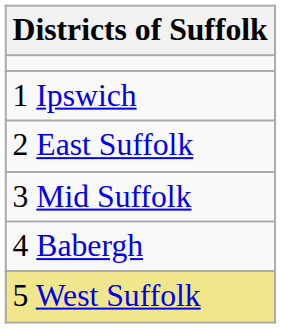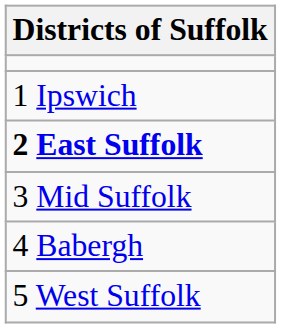 <table class="wikitable" border="1" align="right">
 <tr>
 <th>Districts of Suffolk</th>
 </tr>
 <tr>
 <td></td>
 </tr>
 <tr>
 <td>1 <a href='#'>Ipswich</a></td>
 </tr>
 <tr>
-<td>2 <a href='#'>East Suffolk</a></td>
+<td><strong>2 <a href='#'>East Suffolk</a></strong></td>
 </tr>
 <tr>
 <td>3 <a href='#'>Mid Suffolk</a></td>
 </tr>
 <tr>
 <td>4 <a href='#'>Babergh</a></td>
 </tr>
 <tr>
-<td style="background: khaki;">5 <a href='#'>West Suffolk</a></td>
+<td>5 <a href='#'>West Suffolk</a></td>
 </tr>
 </table>
